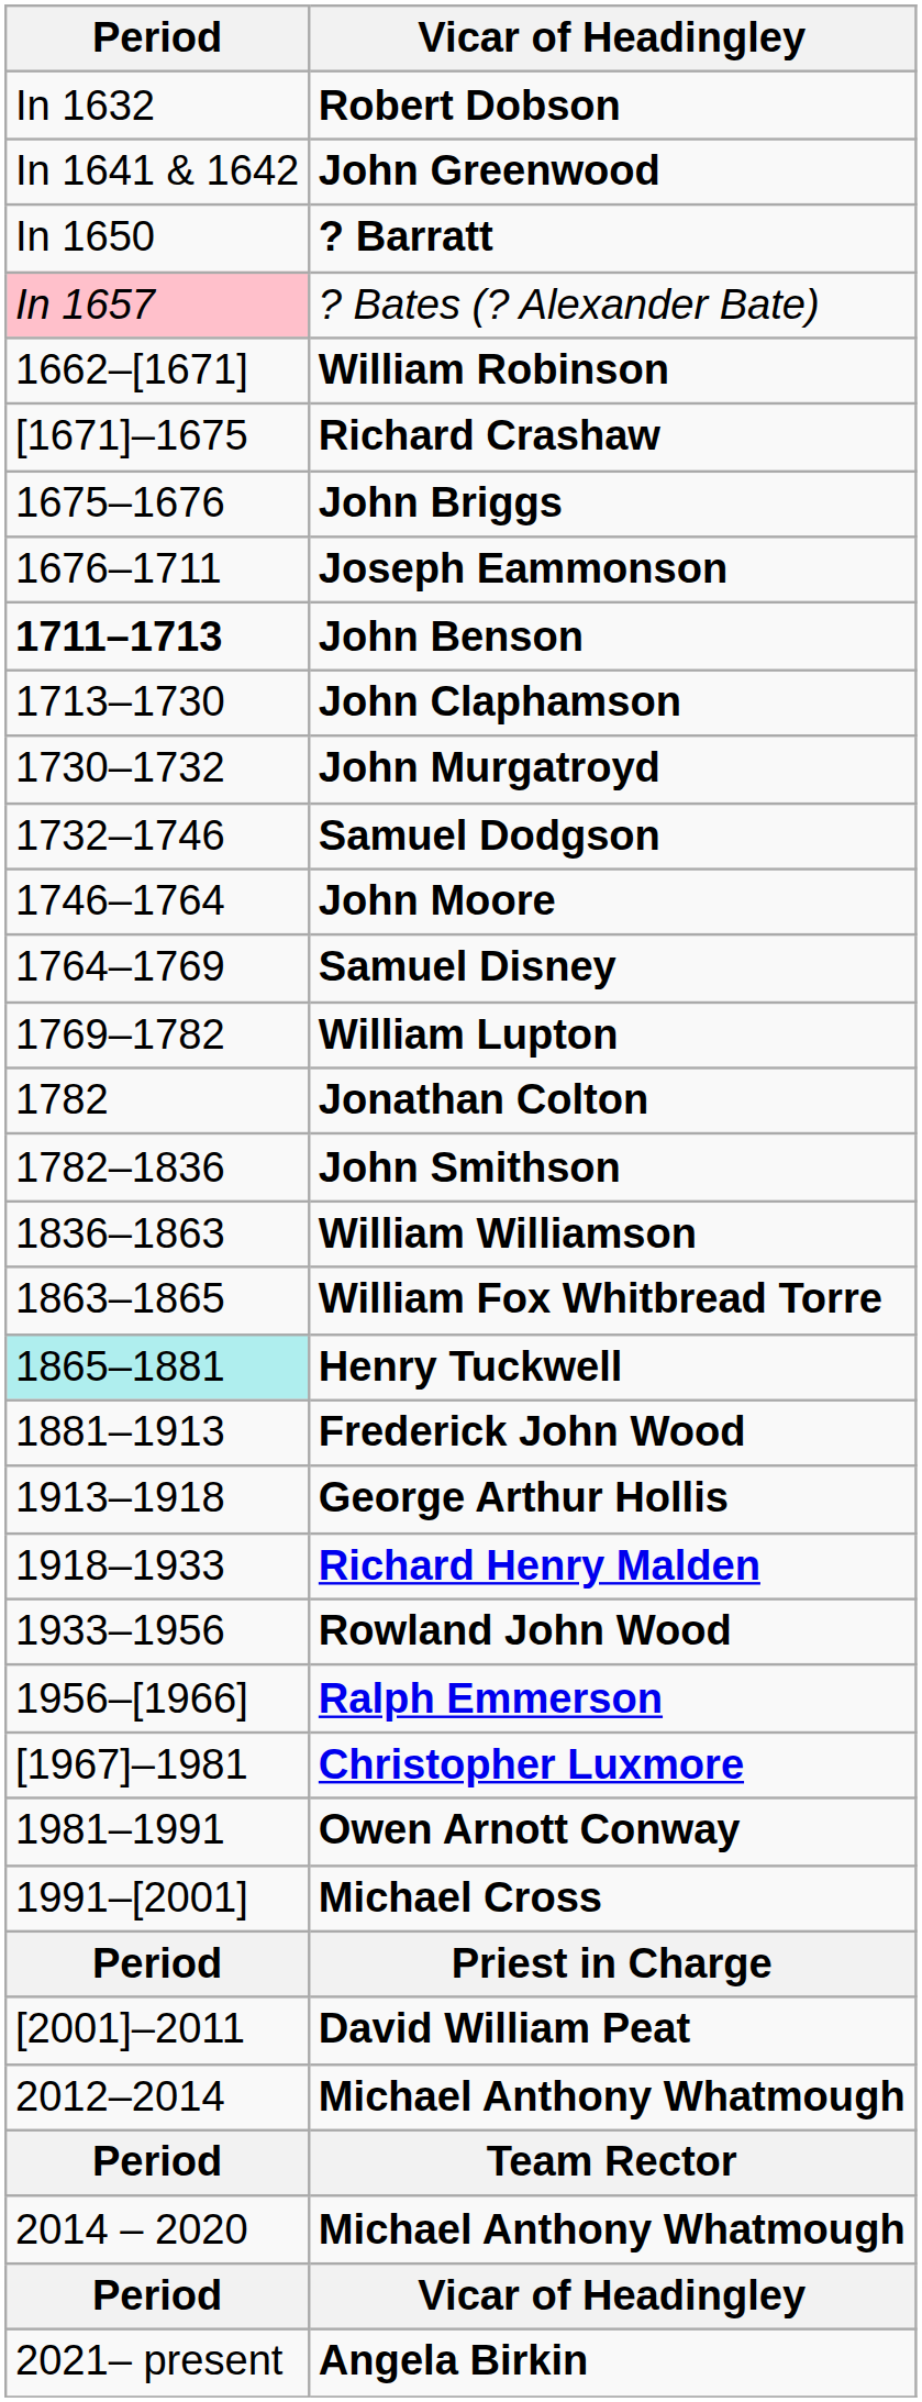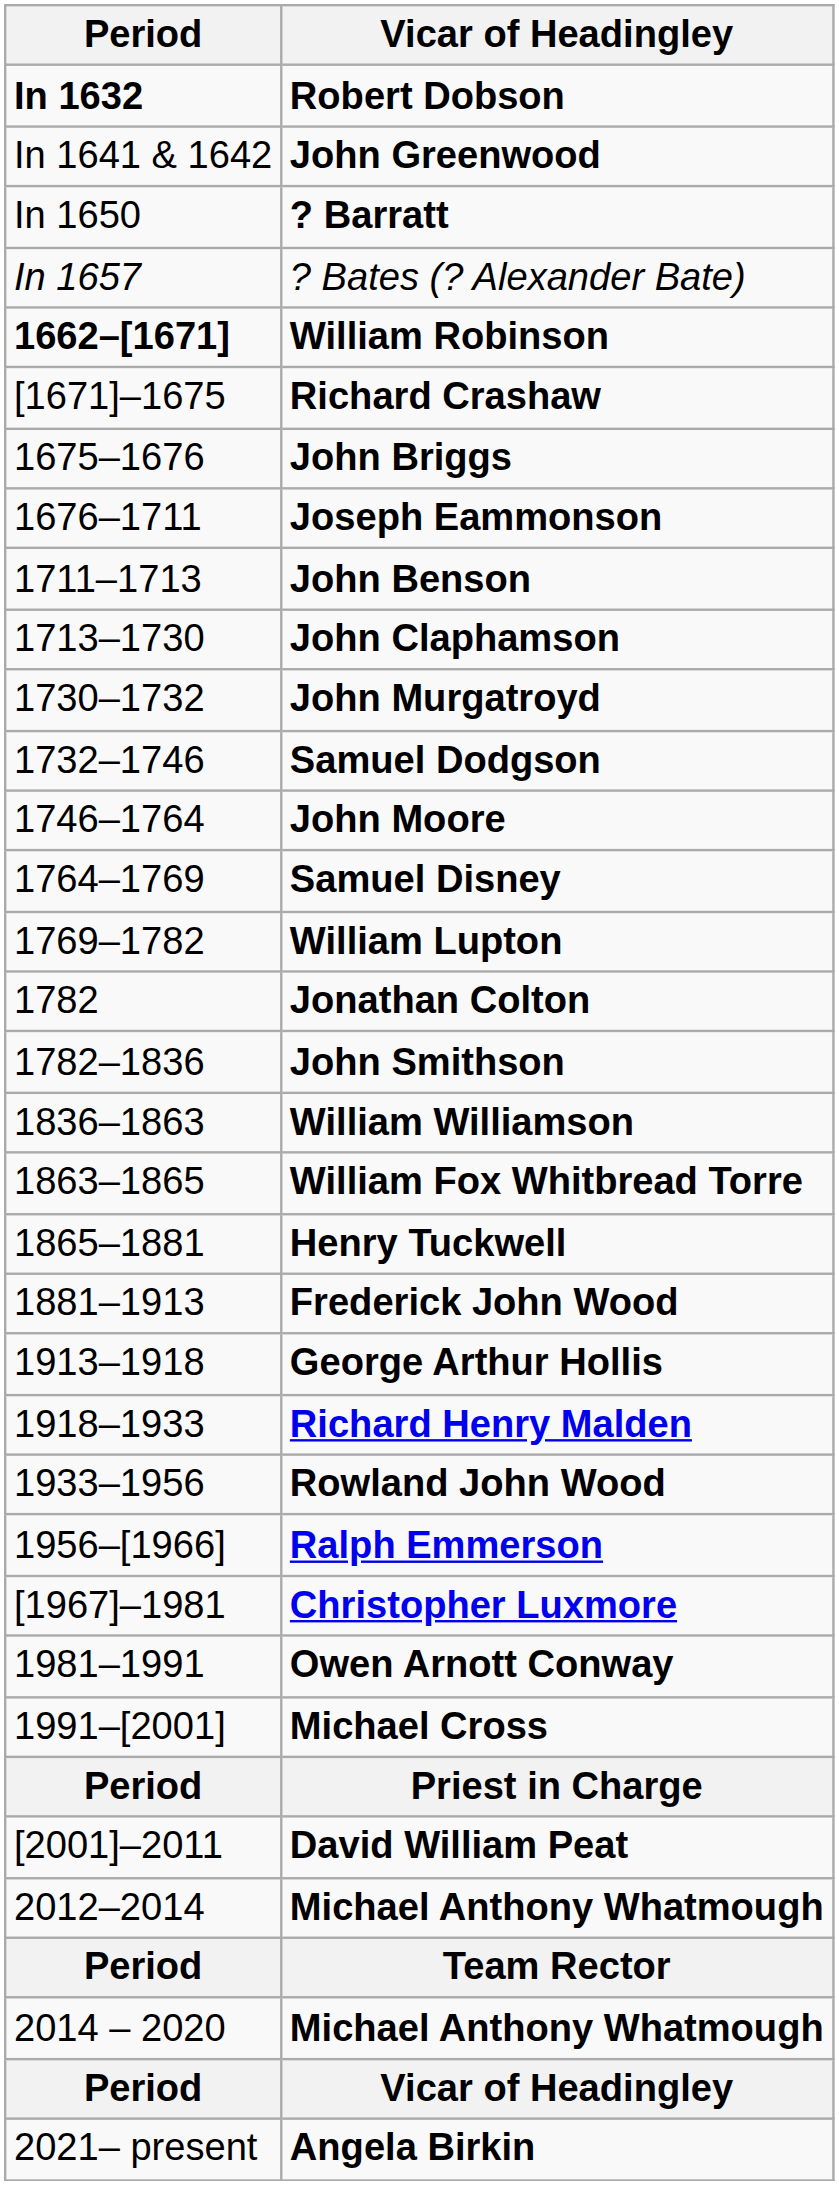 <table class="wikitable">
 <tr>
 <th>Period</th>
 <th>Vicar of Headingley</th>
 </tr>
 <tr>
-<td>In 1632</td>
+<td><strong>In 1632</strong></td>
 <td><strong>Robert Dobson</strong></td>
 </tr>
 <tr>
 <td>In 1641 & 1642</td>
 <td><strong>John Greenwood</strong></td>
 </tr>
 <tr>
 <td>In 1650</td>
 <td><strong>? Barratt</strong></td>
 </tr>
 <tr>
-<td style="background: pink;"><em>In 1657</em></td>
+<td><em>In 1657</em></td>
 <td><em>? Bates (? Alexander Bate)</em></td>
 </tr>
 <tr>
-<td>1662–[1671]</td>
+<td><strong>1662–[1671]</strong></td>
 <td><strong>William Robinson</strong></td>
 </tr>
 <tr>
 <td>[1671]–1675</td>
 <td><strong>Richard Crashaw</strong></td>
 </tr>
 <tr>
 <td>1675–1676</td>
 <td><strong>John Briggs</strong></td>
 </tr>
 <tr>
 <td>1676–1711</td>
 <td><strong>Joseph Eammonson</strong></td>
 </tr>
 <tr>
-<td><strong>1711–1713</strong></td>
+<td>1711–1713</td>
 <td><strong>John Benson</strong></td>
 </tr>
 <tr>
 <td>1713–1730</td>
 <td><strong>John Claphamson</strong></td>
 </tr>
 <tr>
 <td>1730–1732</td>
 <td><strong>John Murgatroyd</strong></td>
 </tr>
 <tr>
 <td>1732–1746</td>
 <td><strong>Samuel Dodgson</strong></td>
 </tr>
 <tr>
 <td>1746–1764</td>
 <td><strong>John Moore</strong></td>
 </tr>
 <tr>
 <td>1764–1769</td>
 <td><strong>Samuel Disney</strong></td>
 </tr>
 <tr>
 <td>1769–1782</td>
 <td><strong>William Lupton</strong></td>
 </tr>
 <tr>
 <td>1782</td>
 <td><strong>Jonathan Colton</strong></td>
 </tr>
 <tr>
 <td>1782–1836</td>
 <td><strong>John Smithson</strong></td>
 </tr>
 <tr>
 <td>1836–1863</td>
 <td><strong>William Williamson</strong></td>
 </tr>
 <tr>
 <td>1863–1865</td>
 <td><strong>William Fox Whitbread Torre</strong></td>
 </tr>
 <tr>
-<td style="background: paleturquoise;">1865–1881</td>
+<td>1865–1881</td>
 <td><strong>Henry Tuckwell</strong></td>
 </tr>
 <tr>
 <td>1881–1913</td>
 <td><strong>Frederick John Wood</strong></td>
 </tr>
 <tr>
 <td>1913–1918</td>
 <td><strong>George Arthur Hollis</strong></td>
 </tr>
 <tr>
 <td>1918–1933</td>
 <td><strong><a href='#'>Richard Henry Malden</a></strong></td>
 </tr>
 <tr>
 <td>1933–1956</td>
 <td><strong>Rowland John Wood</strong></td>
 </tr>
 <tr>
 <td>1956–[1966]</td>
 <td><strong><a href='#'>Ralph Emmerson</a></strong></td>
 </tr>
 <tr>
 <td>[1967]–1981</td>
 <td><strong><a href='#'>Christopher Luxmore</a></strong></td>
 </tr>
 <tr>
 <td>1981–1991</td>
 <td><strong>Owen Arnott Conway</strong></td>
 </tr>
 <tr>
 <td>1991–[2001]</td>
 <td><strong>Michael Cross</strong></td>
 </tr>
 <tr>
 <th>Period</th>
 <th>Priest in Charge</th>
 </tr>
 <tr>
 <td>[2001]–2011</td>
 <td><strong>David William Peat</strong></td>
 </tr>
 <tr>
 <td>2012–2014</td>
 <td><strong>Michael Anthony Whatmough</strong></td>
 </tr>
 <tr>
 <th>Period</th>
 <th>Team Rector</th>
 </tr>
 <tr>
 <td>2014 – 2020</td>
 <td><strong>Michael Anthony Whatmough</strong></td>
 </tr>
 <tr>
 <th>Period</th>
 <th>Vicar of Headingley</th>
 </tr>
 <tr>
 <td>2021– present</td>
 <td><strong>Angela Birkin</strong></td>
 </tr>
 </table>
